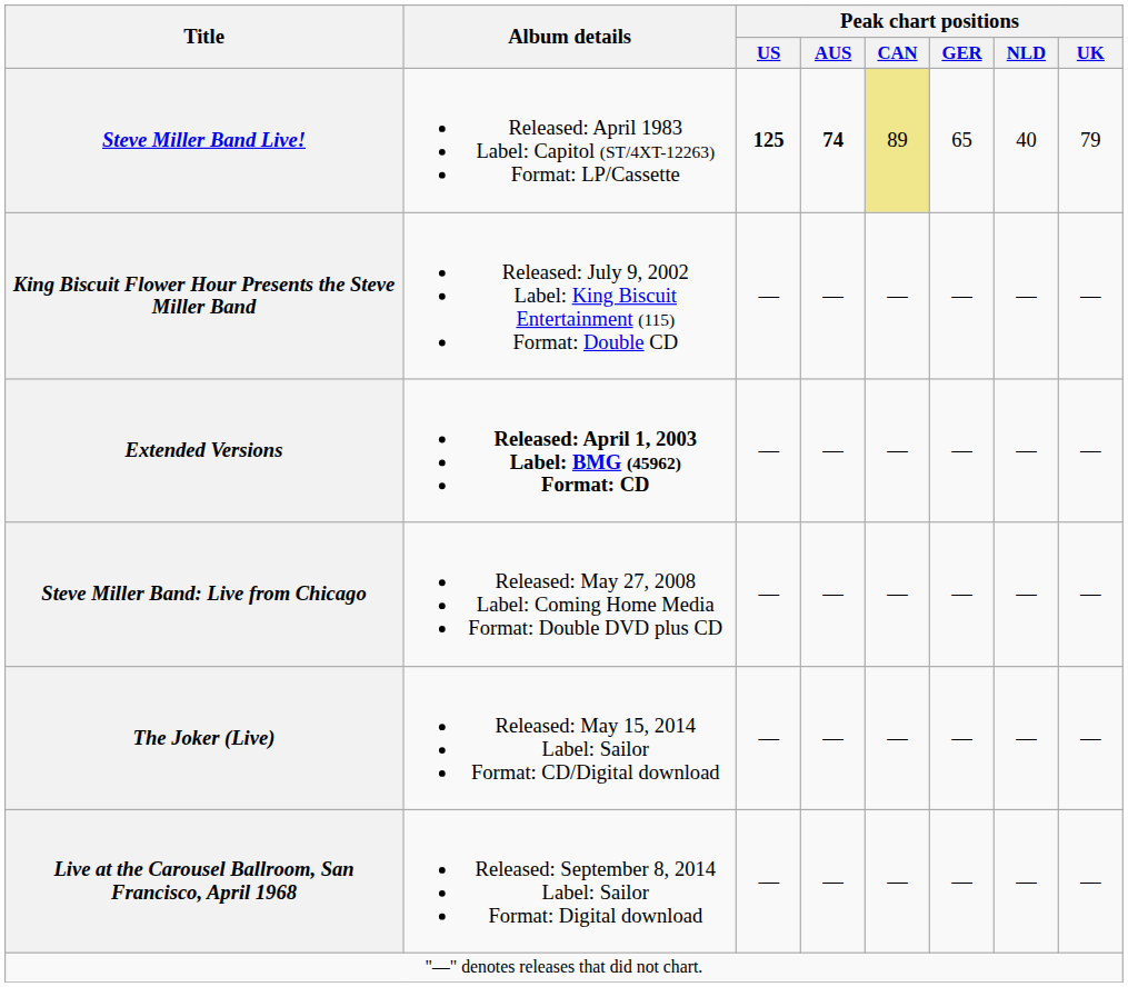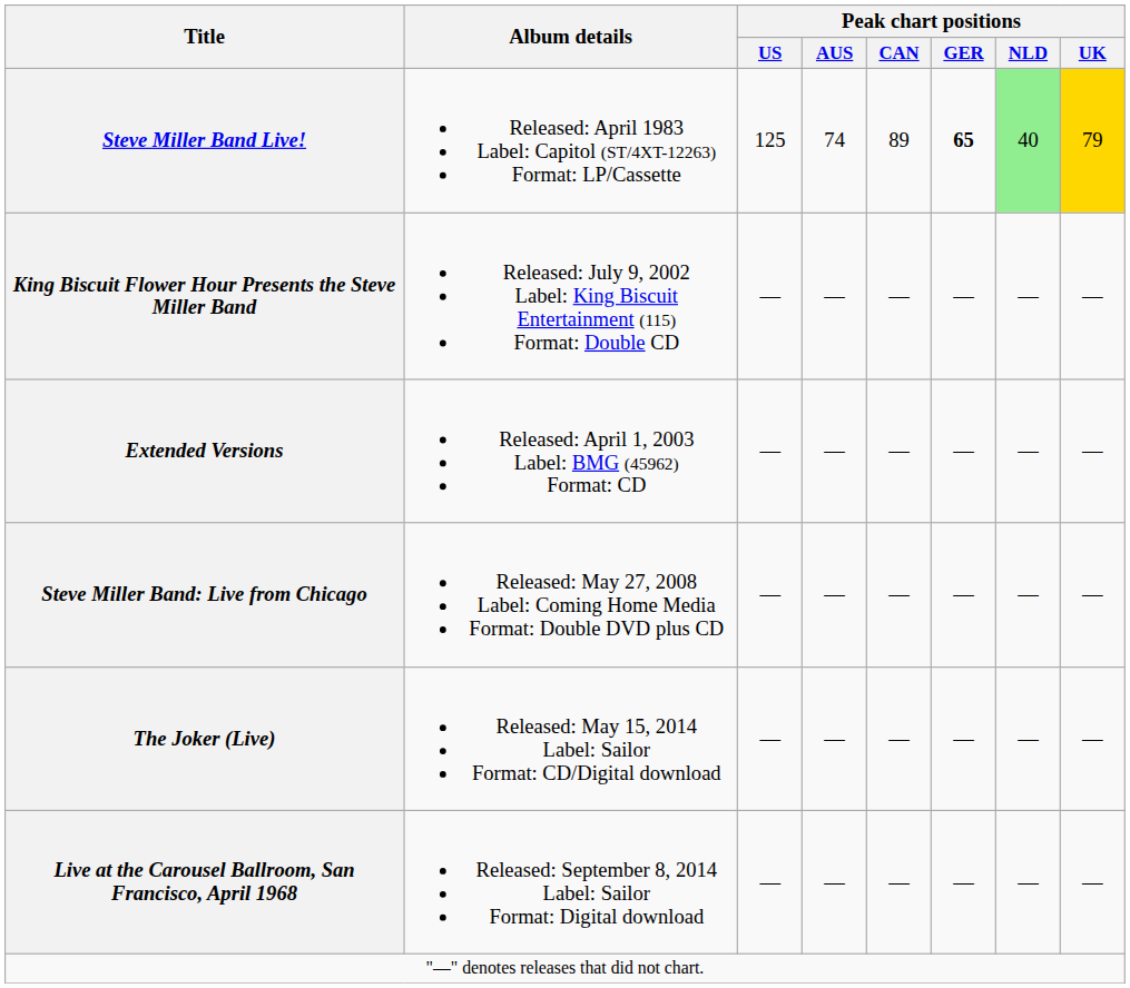 <table class="wikitable plainrowheaders" style="text-align:center;">
 <tr>
 <th rowspan="2">Title</th>
 <th rowspan="2">Album details</th>
 <th colspan="6">Peak chart positions</th>
 </tr>
 <tr>
 <th style="width:3em;font-size:90%;"><a href='#'>US</a><br></th>
 <th style="width:3em;font-size:90%;"><a href='#'>AUS</a><br></th>
 <th style="width:3em;font-size:90%;"><a href='#'>CAN</a><br></th>
 <th style="width:3em;font-size:90%;"><a href='#'>GER</a><br></th>
 <th style="width:3em;font-size:90%;"><a href='#'>NLD</a><br></th>
 <th style="width:3em;font-size:90%;"><a href='#'>UK</a><br></th>
 </tr>
 <tr>
 <th scope="row"><em><a href='#'>Steve Miller Band Live!</a></em></th>
 <td><br><ul><li>Released: April 1983</li><li>Label: Capitol <small>(ST/4XT-12263)</small></li><li>Format: LP/Cassette</li></ul></td>
-<td><strong>125</strong></td>
-<td><strong>74</strong></td>
-<td style="background: khaki;">89</td>
-<td>65</td>
-<td>40</td>
-<td>79</td>
+<td>125</td>
+<td>74</td>
+<td>89</td>
+<td><strong>65</strong></td>
+<td style="background: lightgreen;">40</td>
+<td style="background: gold;">79</td>
 </tr>
 <tr>
 <th scope="row"><em>King Biscuit Flower Hour Presents the Steve Miller Band</em></th>
 <td><br><ul><li>Released: July 9, 2002</li><li>Label: <a href='#'>King Biscuit Entertainment</a> <small>(115)</small></li><li>Format: <a href='#'>Double</a> CD</li></ul></td>
 <td>—</td>
 <td>—</td>
 <td>—</td>
 <td>—</td>
 <td>—</td>
 <td>—</td>
 </tr>
 <tr>
 <th scope="row"><em>Extended Versions</em></th>
-<td><strong><br><ul><li>Released: April 1, 2003</li><li>Label: <a href='#'>BMG</a> <small>(45962)</small></li><li>Format: CD</li></ul></strong></td>
+<td><br><ul><li>Released: April 1, 2003</li><li>Label: <a href='#'>BMG</a> <small>(45962)</small></li><li>Format: CD</li></ul></td>
 <td>—</td>
 <td>—</td>
 <td>—</td>
 <td>—</td>
 <td>—</td>
 <td>—</td>
 </tr>
 <tr>
 <th scope="row"><em>Steve Miller Band: Live from Chicago</em></th>
 <td><br><ul><li>Released: May 27, 2008</li><li>Label: Coming Home Media</li><li>Format: Double DVD plus CD</li></ul></td>
 <td>—</td>
 <td>—</td>
 <td>—</td>
 <td>—</td>
 <td>—</td>
 <td>—</td>
 </tr>
 <tr>
 <th scope="row"><em>The Joker (Live)</em></th>
 <td><br><ul><li>Released: May 15, 2014</li><li>Label: Sailor</li><li>Format: CD/Digital download</li></ul></td>
 <td>—</td>
 <td>—</td>
 <td>—</td>
 <td>—</td>
 <td>—</td>
 <td>—</td>
 </tr>
 <tr>
 <th scope="row"><em>Live at the Carousel Ballroom, San Francisco, April 1968</em></th>
 <td><br><ul><li>Released: September 8, 2014</li><li>Label: Sailor</li><li>Format: Digital download</li></ul></td>
 <td>—</td>
 <td>—</td>
 <td>—</td>
 <td>—</td>
 <td>—</td>
 <td>—</td>
 </tr>
 <tr>
 <td colspan="9" style="font-size:85%">"—" denotes releases that did not chart.</td>
 </tr>
 </table>
